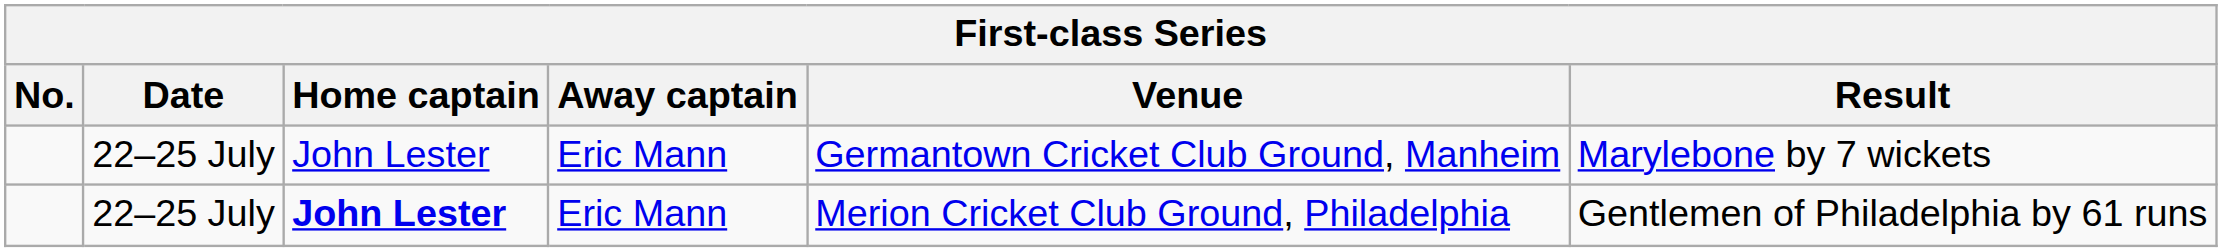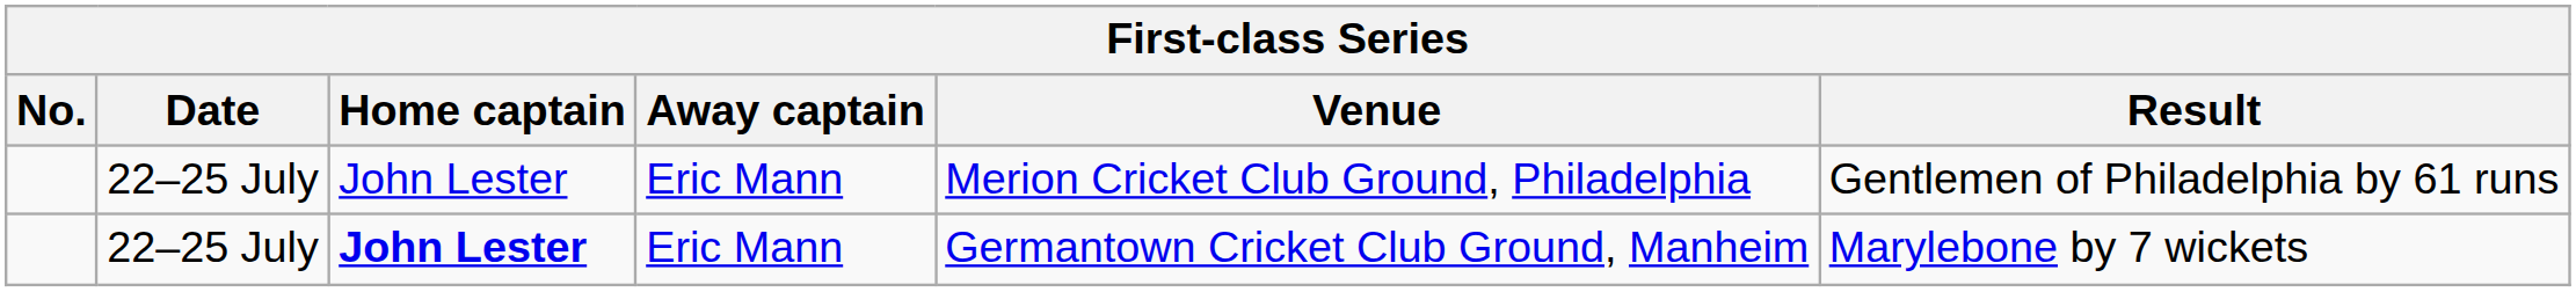 <table class="wikitable">
 <tr>
 <th colspan="9">First-class Series</th>
 </tr>
 <tr>
 <th>No.</th>
 <th>Date</th>
 <th>Home captain</th>
 <th>Away captain</th>
 <th>Venue</th>
 <th>Result</th>
 </tr>
 <tr>
 <td></td>
 <td>22–25 July</td>
 <td><a href='#'>John Lester</a></td>
 <td><a href='#'>Eric Mann</a></td>
-<td><a href='#'>Germantown Cricket Club Ground</a>, <a href='#'>Manheim</a></td>
-<td><a href='#'>Marylebone</a> by 7 wickets</td>
+<td><a href='#'>Merion Cricket Club Ground</a>, <a href='#'>Philadelphia</a></td>
+<td> Gentlemen of Philadelphia by 61 runs</td>
 </tr>
 <tr>
 <td></td>
 <td>22–25 July</td>
 <td><strong><a href='#'>John Lester</a></strong></td>
 <td><a href='#'>Eric Mann</a></td>
-<td><a href='#'>Merion Cricket Club Ground</a>, <a href='#'>Philadelphia</a></td>
-<td> Gentlemen of Philadelphia by 61 runs</td>
+<td><a href='#'>Germantown Cricket Club Ground</a>, <a href='#'>Manheim</a></td>
+<td><a href='#'>Marylebone</a> by 7 wickets</td>
 </tr>
 </table>
